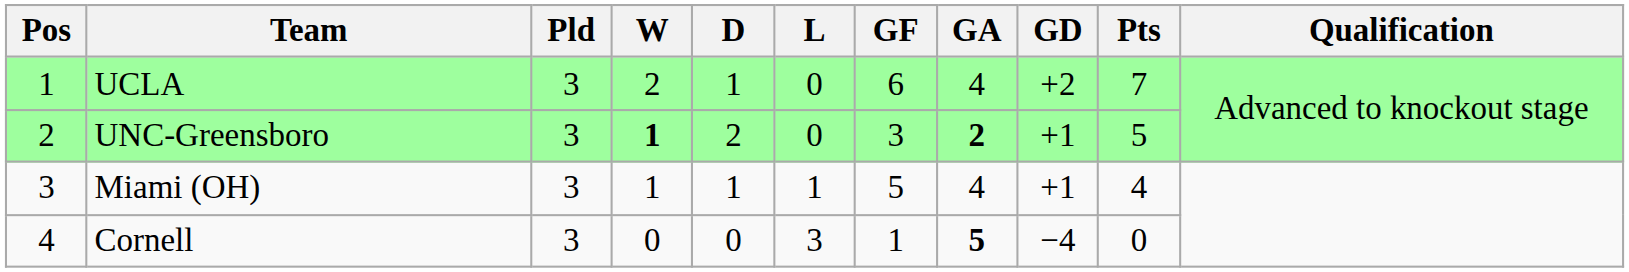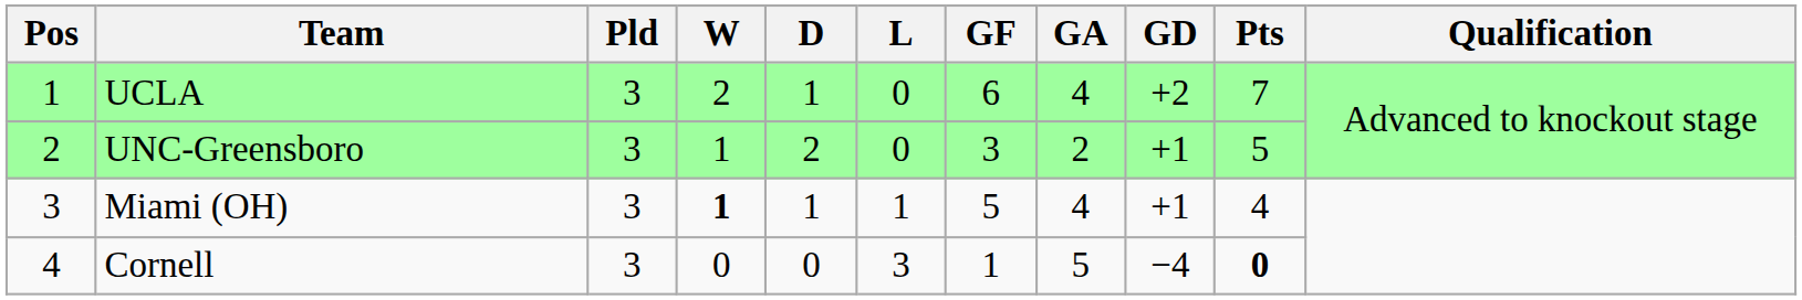 <table class="wikitable" style="text-align:center; margin: 1em auto">
 <tr>
 <th style="width:2em">Pos</th>
 <th style="width:13em">Team</th>
 <th style="width:2em">Pld</th>
 <th style="width:2em">W</th>
 <th style="width:2em">D</th>
 <th style="width:2em">L</th>
 <th style="width:2em">GF</th>
 <th style="width:2em">GA</th>
 <th style="width:2em">GD</th>
 <th style="width:2em">Pts</th>
 <th style="width:13em">Qualification</th>
 </tr>
 <tr bgcolor="#9eff9e">
 <td>1</td>
 <td style="text-align:left">UCLA</td>
 <td>3</td>
 <td>2</td>
 <td>1</td>
 <td>0</td>
 <td>6</td>
 <td>4</td>
 <td>+2</td>
 <td>7</td>
 <td rowspan="2">Advanced to knockout stage</td>
 </tr>
 <tr bgcolor="#9eff9e">
 <td>2</td>
 <td style="text-align:left">UNC-Greensboro</td>
 <td>3</td>
-<td><strong>1</strong></td>
+<td>1</td>
 <td>2</td>
 <td>0</td>
 <td>3</td>
-<td><strong>2</strong></td>
+<td>2</td>
 <td>+1</td>
 <td>5</td>
 </tr>
 <tr>
 <td>3</td>
 <td style="text-align:left">Miami (OH)</td>
 <td>3</td>
-<td>1</td>
+<td><strong>1</strong></td>
 <td>1</td>
 <td>1</td>
 <td>5</td>
 <td>4</td>
 <td>+1</td>
 <td>4</td>
 </tr>
 <tr>
 <td>4</td>
 <td style="text-align:left">Cornell</td>
 <td>3</td>
 <td>0</td>
 <td>0</td>
 <td>3</td>
 <td>1</td>
-<td><strong>5</strong></td>
+<td>5</td>
 <td>−4</td>
-<td>0</td>
+<td><strong>0</strong></td>
 </tr>
 </table>
